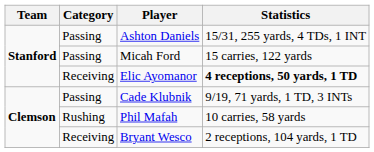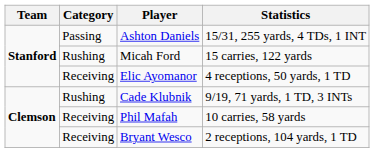 <table class="wikitable" style="float: right;">
 <tr>
 <th>Team</th>
 <th>Category</th>
 <th>Player</th>
 <th>Statistics</th>
 </tr>
 <tr>
 <td rowspan=3><strong>Stanford</strong></td>
 <td>Passing</td>
 <td><a href='#'>Ashton Daniels</a></td>
 <td>15/31, 255 yards, 4 TDs, 1 INT</td>
 </tr>
 <tr>
-<td>Passing</td>
+<td>Rushing</td>
 <td>Micah Ford</td>
 <td>15 carries, 122 yards</td>
 </tr>
 <tr>
 <td>Receiving</td>
 <td><a href='#'>Elic Ayomanor</a></td>
-<td><strong>4 receptions, 50 yards, 1 TD</strong></td>
+<td>4 receptions, 50 yards, 1 TD</td>
 </tr>
 <tr>
 <td rowspan=3><strong>Clemson</strong></td>
-<td>Passing</td>
+<td>Rushing</td>
 <td><a href='#'>Cade Klubnik</a></td>
 <td>9/19, 71 yards, 1 TD, 3 INTs</td>
 </tr>
 <tr>
-<td>Rushing</td>
+<td>Receiving</td>
 <td><a href='#'>Phil Mafah</a></td>
 <td>10 carries, 58 yards</td>
 </tr>
 <tr>
 <td>Receiving</td>
 <td><a href='#'>Bryant Wesco</a></td>
 <td>2 receptions, 104 yards, 1 TD</td>
 </tr>
 </table>
